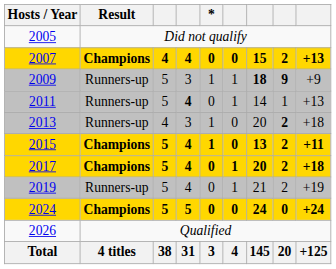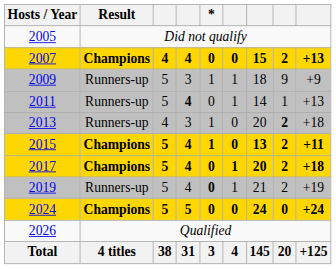 <table class="wikitable" style="text-align: center;">
 <tr>
 <th>Hosts / Year</th>
 <th>Result</th>
 <th width=20></th>
 <th width=20></th>
 <th width=20>*</th>
 <th width=20></th>
 <th width=20></th>
 <th width=20></th>
 <th width=20></th>
 </tr>
 <tr>
 <td> <a href='#'>2005</a></td>
 <td colspan=8><em>Did not qualify</em></td>
 </tr>
 <tr bgcolor=gold>
 <td> <a href='#'>2007</a></td>
 <td><strong>Champions</strong></td>
 <td><strong>4</strong></td>
 <td><strong>4</strong></td>
 <td><strong>0</strong></td>
 <td><strong>0</strong></td>
 <td><strong>15</strong></td>
 <td><strong>2</strong></td>
 <td><strong>+13</strong></td>
 </tr>
 <tr bgcolor=silver>
 <td> <a href='#'>2009</a></td>
 <td>Runners-up</td>
 <td>5</td>
 <td>3</td>
 <td>1</td>
 <td>1</td>
-<td><strong>18</strong></td>
-<td><strong>9</strong></td>
+<td>18</td>
+<td>9</td>
 <td>+9</td>
 </tr>
 <tr bgcolor=silver>
 <td> <a href='#'>2011</a></td>
 <td>Runners-up</td>
 <td>5</td>
 <td><strong>4</strong></td>
 <td>0</td>
 <td>1</td>
 <td>14</td>
 <td>1</td>
 <td>+13</td>
 </tr>
 <tr bgcolor=silver>
 <td> <a href='#'>2013</a></td>
 <td>Runners-up</td>
 <td>4</td>
 <td>3</td>
 <td>1</td>
 <td>0</td>
 <td>20</td>
 <td><strong>2</strong></td>
 <td>+18</td>
 </tr>
 <tr bgcolor=gold>
 <td> <a href='#'>2015</a></td>
 <td><strong>Champions</strong></td>
 <td><strong>5</strong></td>
 <td><strong>4</strong></td>
 <td><strong>1</strong></td>
 <td><strong>0</strong></td>
 <td><strong>13</strong></td>
 <td><strong>2</strong></td>
 <td><strong>+11</strong></td>
 </tr>
 <tr bgcolor=gold>
 <td> <a href='#'>2017</a></td>
 <td><strong>Champions</strong></td>
 <td><strong>5</strong></td>
 <td><strong>4</strong></td>
 <td><strong>0</strong></td>
 <td><strong>1</strong></td>
 <td><strong>20</strong></td>
 <td><strong>2</strong></td>
 <td><strong>+18</strong></td>
 </tr>
 <tr bgcolor=silver>
 <td> <a href='#'>2019</a></td>
 <td>Runners-up</td>
 <td>5</td>
 <td>4</td>
-<td>0</td>
+<td><strong>0</strong></td>
 <td>1</td>
 <td>21</td>
 <td>2</td>
 <td>+19</td>
 </tr>
 <tr bgcolor=gold>
 <td> <a href='#'>2024</a></td>
 <td><strong>Champions</strong></td>
 <td><strong>5</strong></td>
 <td><strong>5</strong></td>
 <td><strong>0</strong></td>
 <td><strong>0</strong></td>
 <td><strong>24</strong></td>
 <td><strong>0</strong></td>
 <td><strong>+24</strong></td>
 </tr>
 <tr>
 <td> <a href='#'>2026</a></td>
 <td colspan=8><em>Qualified</em></td>
 </tr>
 <tr>
 <th>Total</th>
 <th>4 titles</th>
 <th>38</th>
 <th>31</th>
 <th>3</th>
 <th>4</th>
 <th>145</th>
 <th>20</th>
 <th>+125</th>
 </tr>
 </table>
